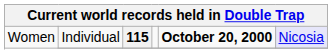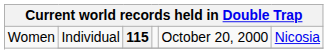 <table class="wikitable" style="font-size: 95%">
 <tr>
 <th colspan=9>Current world records held in <a href='#'>Double Trap</a></th>
 </tr>
 <tr>
 <td rowspan=2>Women</td>
 <td>Individual</td>
 <th>115</th>
 <td></td>
-<td><strong>October 20, 2000</strong></td>
-<td style="background: lavender;"><a href='#'>Nicosia</a> </td>
+<td>October 20, 2000</td>
+<td><a href='#'>Nicosia</a> </td>
 </tr>
 <tr>
 </tr>
 </table>
